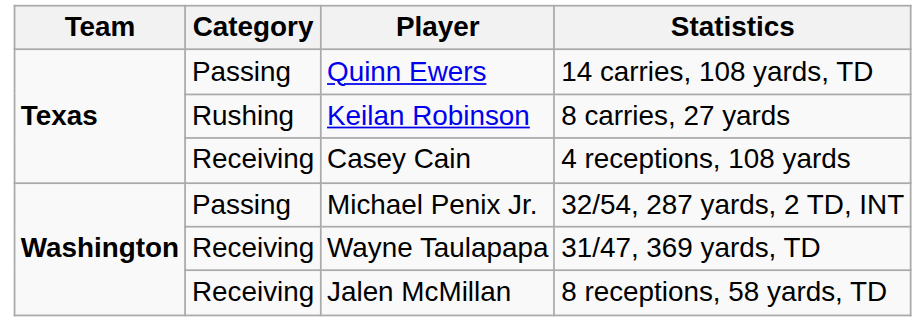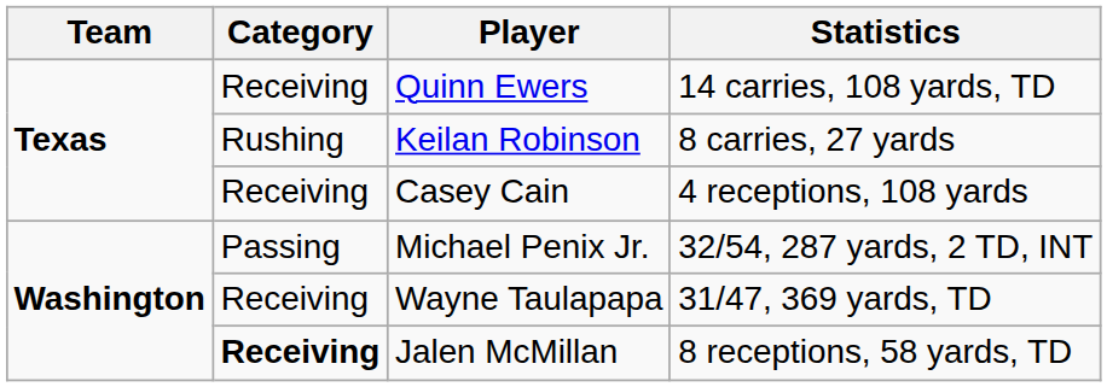 <table class="wikitable" style="float: right;">
 <tr>
 <th>Team</th>
 <th>Category</th>
 <th>Player</th>
 <th>Statistics</th>
 </tr>
 <tr>
 <td rowspan=3><strong>Texas</strong></td>
-<td>Passing</td>
+<td>Receiving</td>
 <td><a href='#'>Quinn Ewers</a></td>
 <td>14 carries, 108 yards, TD</td>
 </tr>
 <tr>
 <td>Rushing</td>
 <td><a href='#'>Keilan Robinson</a></td>
 <td>8 carries, 27 yards</td>
 </tr>
 <tr>
 <td>Receiving</td>
 <td>Casey Cain</td>
 <td>4 receptions, 108 yards</td>
 </tr>
 <tr>
 <td rowspan=3><strong>Washington</strong></td>
 <td>Passing</td>
 <td>Michael Penix Jr.</td>
 <td>32/54, 287 yards, 2 TD, INT</td>
 </tr>
 <tr>
 <td>Receiving</td>
 <td>Wayne Taulapapa</td>
 <td>31/47, 369 yards, TD</td>
 </tr>
 <tr>
-<td>Receiving</td>
+<td><strong>Receiving</strong></td>
 <td>Jalen McMillan</td>
 <td>8 receptions, 58 yards, TD</td>
 </tr>
 </table>
